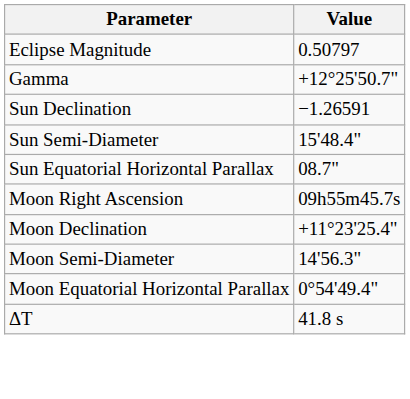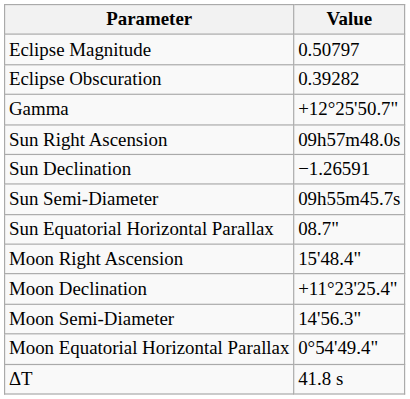 <table class="wikitable">
 <tr>
 <th>Parameter</th>
 <th>Value</th>
 </tr>
 <tr>
 <td>Eclipse Magnitude</td>
 <td>0.50797</td>
 </tr>
 <tr>
+<td>Eclipse Obscuration</td>
+<td>0.39282</td>
+</tr>
+<tr>
 <td>Gamma</td>
 <td>+12°25'50.7"</td>
+</tr>
+<tr>
+<td>Sun Right Ascension</td>
+<td>09h57m48.0s</td>
 </tr>
 <tr>
 <td>Sun Declination</td>
 <td>−1.26591</td>
 </tr>
 <tr>
 <td>Sun Semi-Diameter</td>
-<td>15'48.4"</td>
+<td>09h55m45.7s</td>
 </tr>
 <tr>
 <td>Sun Equatorial Horizontal Parallax</td>
 <td>08.7"</td>
 </tr>
 <tr>
 <td>Moon Right Ascension</td>
-<td>09h55m45.7s</td>
+<td>15'48.4"</td>
 </tr>
 <tr>
 <td>Moon Declination</td>
 <td>+11°23'25.4"</td>
 </tr>
 <tr>
 <td>Moon Semi-Diameter</td>
 <td>14'56.3"</td>
 </tr>
 <tr>
 <td>Moon Equatorial Horizontal Parallax</td>
 <td>0°54'49.4"</td>
 </tr>
 <tr>
 <td>ΔT</td>
 <td>41.8 s</td>
 </tr>
 </table>
